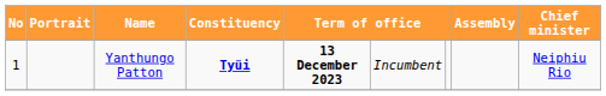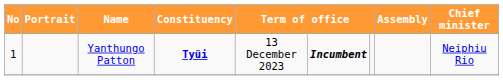 <table class="wikitable">
 <tr>
 <th style="background-color:#FF9933; color:white">No</th>
 <th style="background-color:#FF9933; color:white">Portrait</th>
 <th style="background-color:#FF9933; color:white">Name</th>
 <th style="background-color:#FF9933; color:white">Constituency</th>
 <th colspan="3" style="background-color:#FF9933; color:white">Term of office</th>
 <th style="background-color:#FF9933; color:white">Assembly</th>
 <th style="background-color:#FF9933; color:white">Chief minister</th>
 </tr>
 <tr style="text-align:center;">
 <td>1</td>
 <td></td>
 <td><a href='#'>Yanthungo Patton</a></td>
 <td><strong><a href='#'>Tyüi</a></strong></td>
-<td><strong>13 December 2023</strong></td>
-<td><em>Incumbent</em></td>
+<td>13 December 2023</td>
+<td><strong><em>Incumbent</em></strong></td>
 <td></td>
 <td></td>
 <td><a href='#'>Neiphiu Rio</a></td>
 </tr>
 <tr style="text-align:center;">
 </tr>
 </table>
